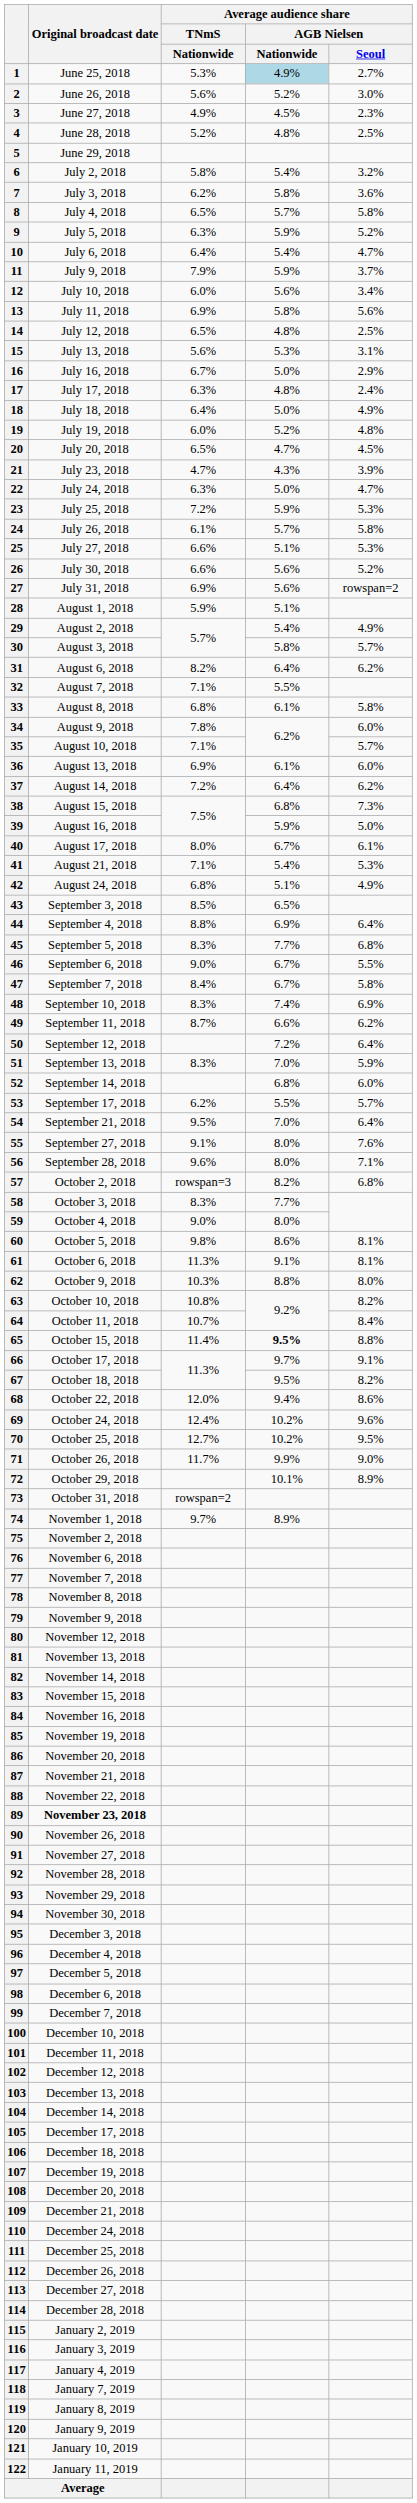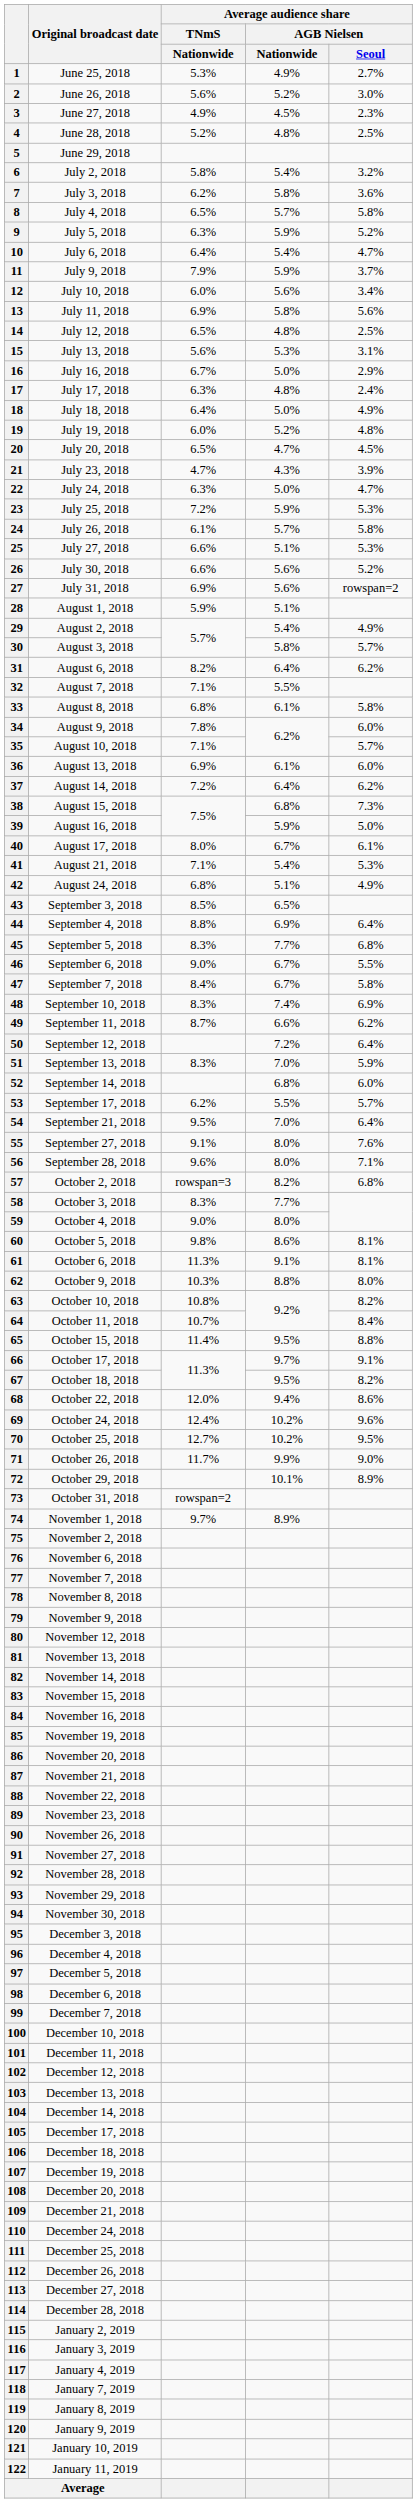 <table class="wikitable" style="text-align:center">
 <tr>
 <th rowspan="3"></th>
 <th rowspan="3">Original broadcast date</th>
 <th colspan="3">Average audience share</th>
 </tr>
 <tr>
 <th colspan="1">TNmS</th>
 <th colspan="2">AGB Nielsen</th>
 </tr>
 <tr>
 <th width=100>Nationwide</th>
 <th width=100>Nationwide</th>
 <th width=100><a href='#'>Seoul</a></th>
 </tr>
 <tr>
 <th>1</th>
 <td>June 25, 2018</td>
 <td>5.3%</td>
-<td style="background: lightblue;">4.9% </td>
+<td>4.9% </td>
 <td>2.7% </td>
 </tr>
 <tr>
 <th>2</th>
 <td>June 26, 2018</td>
 <td>5.6%</td>
 <td>5.2% </td>
 <td>3.0% </td>
 </tr>
 <tr>
 <th>3</th>
 <td>June 27, 2018</td>
 <td>4.9%</td>
 <td>4.5% </td>
 <td>2.3% </td>
 </tr>
 <tr>
 <th>4</th>
 <td>June 28, 2018</td>
 <td>5.2%</td>
 <td>4.8% </td>
 <td>2.5% </td>
 </tr>
 <tr>
 <th>5</th>
 <td>June 29, 2018</td>
 <td></td>
 <td> </td>
 <td> </td>
 </tr>
 <tr>
 <th>6</th>
 <td>July 2, 2018</td>
 <td>5.8%</td>
 <td>5.4% </td>
 <td>3.2% </td>
 </tr>
 <tr>
 <th>7</th>
 <td>July 3, 2018</td>
 <td>6.2%</td>
 <td>5.8% </td>
 <td>3.6% </td>
 </tr>
 <tr>
 <th>8</th>
 <td>July 4, 2018</td>
 <td>6.5%</td>
 <td>5.7% </td>
 <td>5.8% </td>
 </tr>
 <tr>
 <th>9</th>
 <td>July 5, 2018</td>
 <td>6.3%</td>
 <td>5.9% </td>
 <td>5.2% </td>
 </tr>
 <tr>
 <th>10</th>
 <td>July 6, 2018</td>
 <td>6.4%</td>
 <td>5.4% </td>
 <td>4.7% </td>
 </tr>
 <tr>
 <th>11</th>
 <td>July 9, 2018</td>
 <td>7.9%</td>
 <td>5.9% </td>
 <td>3.7% </td>
 </tr>
 <tr>
 <th>12</th>
 <td>July 10, 2018</td>
 <td>6.0%</td>
 <td>5.6% </td>
 <td>3.4% </td>
 </tr>
 <tr>
 <th>13</th>
 <td>July 11, 2018</td>
 <td>6.9%</td>
 <td>5.8% </td>
 <td>5.6% </td>
 </tr>
 <tr>
 <th>14</th>
 <td>July 12, 2018</td>
 <td>6.5%</td>
 <td>4.8% </td>
 <td>2.5% </td>
 </tr>
 <tr>
 <th>15</th>
 <td>July 13, 2018</td>
 <td>5.6%</td>
 <td>5.3% </td>
 <td>3.1% </td>
 </tr>
 <tr>
 <th>16</th>
 <td>July 16, 2018</td>
 <td>6.7%</td>
 <td>5.0% </td>
 <td>2.9% </td>
 </tr>
 <tr>
 <th>17</th>
 <td>July 17, 2018</td>
 <td>6.3%</td>
 <td>4.8% </td>
 <td>2.4% </td>
 </tr>
 <tr>
 <th>18</th>
 <td>July 18, 2018</td>
 <td>6.4%</td>
 <td>5.0% </td>
 <td>4.9% </td>
 </tr>
 <tr>
 <th>19</th>
 <td>July 19, 2018</td>
 <td>6.0%</td>
 <td>5.2% </td>
 <td>4.8% </td>
 </tr>
 <tr>
 <th>20</th>
 <td>July 20, 2018</td>
 <td>6.5%</td>
 <td>4.7% </td>
 <td>4.5% </td>
 </tr>
 <tr>
 <th>21</th>
 <td>July 23, 2018</td>
 <td>4.7%</td>
 <td>4.3% </td>
 <td>3.9% </td>
 </tr>
 <tr>
 <th>22</th>
 <td>July 24, 2018</td>
 <td>6.3%</td>
 <td>5.0% </td>
 <td>4.7% </td>
 </tr>
 <tr>
 <th>23</th>
 <td>July 25, 2018</td>
 <td>7.2%</td>
 <td>5.9% </td>
 <td>5.3% </td>
 </tr>
 <tr>
 <th>24</th>
 <td>July 26, 2018</td>
 <td>6.1%</td>
 <td>5.7% </td>
 <td>5.8% </td>
 </tr>
 <tr>
 <th>25</th>
 <td>July 27, 2018</td>
 <td>6.6%</td>
 <td>5.1% </td>
 <td>5.3% </td>
 </tr>
 <tr>
 <th>26</th>
 <td>July 30, 2018</td>
 <td>6.6%</td>
 <td>5.6% </td>
 <td>5.2% </td>
 </tr>
 <tr>
 <th>27</th>
 <td>July 31, 2018</td>
 <td>6.9%</td>
 <td>5.6% </td>
 <td>rowspan=2 </td>
 </tr>
 <tr>
 <th>28</th>
 <td>August 1, 2018</td>
 <td>5.9%</td>
 <td>5.1% </td>
 </tr>
 <tr>
 <th>29</th>
 <td>August 2, 2018</td>
 <td rowspan="2">5.7%</td>
 <td>5.4% </td>
 <td>4.9% </td>
 </tr>
 <tr>
 <th>30</th>
 <td>August 3, 2018</td>
 <td>5.8% </td>
 <td>5.7% </td>
 </tr>
 <tr>
 <th>31</th>
 <td>August 6, 2018</td>
 <td>8.2%</td>
 <td>6.4% </td>
 <td>6.2% </td>
 </tr>
 <tr>
 <th>32</th>
 <td>August 7, 2018</td>
 <td>7.1%</td>
 <td>5.5% </td>
 <td></td>
 </tr>
 <tr>
 <th>33</th>
 <td>August 8, 2018</td>
 <td>6.8%</td>
 <td>6.1% </td>
 <td>5.8% </td>
 </tr>
 <tr>
 <th>34</th>
 <td>August 9, 2018</td>
 <td>7.8%</td>
 <td rowspan="2">6.2% </td>
 <td>6.0% </td>
 </tr>
 <tr>
 <th>35</th>
 <td>August 10, 2018</td>
 <td>7.1%</td>
 <td>5.7% </td>
 </tr>
 <tr>
 <th>36</th>
 <td>August 13, 2018</td>
 <td>6.9%</td>
 <td>6.1% </td>
 <td>6.0% </td>
 </tr>
 <tr>
 <th>37</th>
 <td>August 14, 2018</td>
 <td>7.2%</td>
 <td>6.4% </td>
 <td>6.2% </td>
 </tr>
 <tr>
 <th>38</th>
 <td>August 15, 2018</td>
 <td rowspan="2">7.5%</td>
 <td>6.8% </td>
 <td>7.3% </td>
 </tr>
 <tr>
 <th>39</th>
 <td>August 16, 2018</td>
 <td>5.9% </td>
 <td>5.0% </td>
 </tr>
 <tr>
 <th>40</th>
 <td>August 17, 2018</td>
 <td>8.0%</td>
 <td>6.7% </td>
 <td>6.1% </td>
 </tr>
 <tr>
 <th>41</th>
 <td>August 21, 2018</td>
 <td>7.1%</td>
 <td>5.4% </td>
 <td>5.3% </td>
 </tr>
 <tr>
 <th>42</th>
 <td>August 24, 2018</td>
 <td>6.8%</td>
 <td>5.1% </td>
 <td>4.9% </td>
 </tr>
 <tr>
 <th>43</th>
 <td>September 3, 2018</td>
 <td>8.5%</td>
 <td>6.5% </td>
 <td></td>
 </tr>
 <tr>
 <th>44</th>
 <td>September 4, 2018</td>
 <td>8.8%</td>
 <td>6.9% </td>
 <td>6.4% </td>
 </tr>
 <tr>
 <th>45</th>
 <td>September 5, 2018</td>
 <td>8.3%</td>
 <td>7.7% </td>
 <td>6.8% </td>
 </tr>
 <tr>
 <th>46</th>
 <td>September 6, 2018</td>
 <td>9.0%</td>
 <td>6.7% </td>
 <td>5.5% </td>
 </tr>
 <tr>
 <th>47</th>
 <td>September 7, 2018</td>
 <td>8.4%</td>
 <td>6.7% </td>
 <td>5.8% </td>
 </tr>
 <tr>
 <th>48</th>
 <td>September 10, 2018</td>
 <td>8.3%</td>
 <td>7.4% </td>
 <td>6.9% </td>
 </tr>
 <tr>
 <th>49</th>
 <td>September 11, 2018</td>
 <td>8.7%</td>
 <td>6.6% </td>
 <td>6.2% </td>
 </tr>
 <tr>
 <th>50</th>
 <td>September 12, 2018</td>
 <td></td>
 <td>7.2% </td>
 <td>6.4% </td>
 </tr>
 <tr>
 <th>51</th>
 <td>September 13, 2018</td>
 <td>8.3%</td>
 <td>7.0% </td>
 <td>5.9% </td>
 </tr>
 <tr>
 <th>52</th>
 <td>September 14, 2018</td>
 <td></td>
 <td>6.8% </td>
 <td>6.0% </td>
 </tr>
 <tr>
 <th>53</th>
 <td>September 17, 2018</td>
 <td>6.2%</td>
 <td>5.5% </td>
 <td>5.7% </td>
 </tr>
 <tr>
 <th>54</th>
 <td>September 21, 2018</td>
 <td>9.5%</td>
 <td>7.0% </td>
 <td>6.4% </td>
 </tr>
 <tr>
 <th>55</th>
 <td>September 27, 2018</td>
 <td>9.1%</td>
 <td>8.0% </td>
 <td>7.6% </td>
 </tr>
 <tr>
 <th>56</th>
 <td>September 28, 2018</td>
 <td>9.6%</td>
 <td>8.0% </td>
 <td>7.1% </td>
 </tr>
 <tr>
 <th>57</th>
 <td>October 2, 2018</td>
 <td>rowspan=3 </td>
 <td>8.2% </td>
 <td>6.8% </td>
 </tr>
 <tr>
 <th>58</th>
 <td>October 3, 2018</td>
 <td>8.3% </td>
 <td>7.7% </td>
 </tr>
 <tr>
 <th>59</th>
 <td>October 4, 2018</td>
 <td>9.0% </td>
 <td>8.0% </td>
 </tr>
 <tr>
 <th>60</th>
 <td>October 5, 2018</td>
 <td>9.8%</td>
 <td>8.6% </td>
 <td>8.1% </td>
 </tr>
 <tr>
 <th>61</th>
 <td>October 6, 2018</td>
 <td>11.3%</td>
 <td>9.1% </td>
 <td>8.1% </td>
 </tr>
 <tr>
 <th>62</th>
 <td>October 9, 2018</td>
 <td>10.3%</td>
 <td>8.8% </td>
 <td>8.0% </td>
 </tr>
 <tr>
 <th>63</th>
 <td>October 10, 2018</td>
 <td>10.8%</td>
 <td rowspan="2">9.2% </td>
 <td>8.2% </td>
 </tr>
 <tr>
 <th>64</th>
 <td>October 11, 2018</td>
 <td>10.7%</td>
 <td>8.4% </td>
 </tr>
 <tr>
 <th>65</th>
 <td>October 15, 2018</td>
 <td>11.4%</td>
-<td><strong>9.5% </strong></td>
+<td>9.5% </td>
 <td>8.8% </td>
 </tr>
 <tr>
 <th>66</th>
 <td>October 17, 2018</td>
 <td rowspan="2">11.3%</td>
 <td>9.7% </td>
 <td>9.1% </td>
 </tr>
 <tr>
 <th>67</th>
 <td>October 18, 2018</td>
 <td>9.5% </td>
 <td>8.2% </td>
 </tr>
 <tr>
 <th>68</th>
 <td>October 22, 2018</td>
 <td>12.0%</td>
 <td>9.4% </td>
 <td>8.6% </td>
 </tr>
 <tr>
 <th>69</th>
 <td>October 24, 2018</td>
 <td>12.4%</td>
 <td>10.2% </td>
 <td>9.6% </td>
 </tr>
 <tr>
 <th>70</th>
 <td>October 25, 2018</td>
 <td>12.7%</td>
 <td>10.2% </td>
 <td>9.5% </td>
 </tr>
 <tr>
 <th>71</th>
 <td>October 26, 2018</td>
 <td>11.7%</td>
 <td>9.9% </td>
 <td>9.0% </td>
 </tr>
 <tr>
 <th>72</th>
 <td>October 29, 2018</td>
 <td></td>
 <td>10.1% </td>
 <td>8.9% </td>
 </tr>
 <tr>
 <th>73</th>
 <td>October 31, 2018</td>
 <td>rowspan=2 </td>
 <td> </td>
 <td> </td>
 </tr>
 <tr>
 <th>74</th>
 <td>November 1, 2018</td>
 <td>9.7% </td>
 <td>8.9% </td>
 </tr>
 <tr>
 <th>75</th>
 <td>November 2, 2018</td>
 <td></td>
 <td></td>
 <td></td>
 </tr>
 <tr>
 <th>76</th>
 <td>November 6, 2018</td>
 <td></td>
 <td></td>
 <td></td>
 </tr>
 <tr>
 <th>77</th>
 <td>November 7, 2018</td>
 <td></td>
 <td></td>
 <td></td>
 </tr>
 <tr>
 <th>78</th>
 <td>November 8, 2018</td>
 <td></td>
 <td></td>
 <td></td>
 </tr>
 <tr>
 <th>79</th>
 <td>November 9, 2018</td>
 <td></td>
 <td></td>
 <td></td>
 </tr>
 <tr>
 <th>80</th>
 <td>November 12, 2018</td>
 <td></td>
 <td></td>
 <td></td>
 </tr>
 <tr>
 <th>81</th>
 <td>November 13, 2018</td>
 <td></td>
 <td></td>
 <td></td>
 </tr>
 <tr>
 <th>82</th>
 <td>November 14, 2018</td>
 <td></td>
 <td></td>
 <td></td>
 </tr>
 <tr>
 <th>83</th>
 <td>November 15, 2018</td>
 <td></td>
 <td></td>
 <td></td>
 </tr>
 <tr>
 <th>84</th>
 <td>November 16, 2018</td>
 <td></td>
 <td></td>
 <td></td>
 </tr>
 <tr>
 <th>85</th>
 <td>November 19, 2018</td>
 <td></td>
 <td></td>
 <td></td>
 </tr>
 <tr>
 <th>86</th>
 <td>November 20, 2018</td>
 <td></td>
 <td></td>
 <td></td>
 </tr>
 <tr>
 <th>87</th>
 <td>November 21, 2018</td>
 <td></td>
 <td></td>
 <td></td>
 </tr>
 <tr>
 <th>88</th>
 <td>November 22, 2018</td>
 <td></td>
 <td></td>
 <td></td>
 </tr>
 <tr>
 <th>89</th>
-<td><strong>November 23, 2018</strong></td>
+<td>November 23, 2018</td>
 <td></td>
 <td></td>
 <td></td>
 </tr>
 <tr>
 <th>90</th>
 <td>November 26, 2018</td>
 <td></td>
 <td></td>
 <td></td>
 </tr>
 <tr>
 <th>91</th>
 <td>November 27, 2018</td>
 <td></td>
 <td></td>
 <td></td>
 </tr>
 <tr>
 <th>92</th>
 <td>November 28, 2018</td>
 <td></td>
 <td></td>
 <td></td>
 </tr>
 <tr>
 <th>93</th>
 <td>November 29, 2018</td>
 <td></td>
 <td></td>
 <td></td>
 </tr>
 <tr>
 <th>94</th>
 <td>November 30, 2018</td>
 <td></td>
 <td></td>
 <td></td>
 </tr>
 <tr>
 <th>95</th>
 <td>December 3, 2018</td>
 <td></td>
 <td></td>
 <td></td>
 </tr>
 <tr>
 <th>96</th>
 <td>December 4, 2018</td>
 <td></td>
 <td></td>
 <td></td>
 </tr>
 <tr>
 <th>97</th>
 <td>December 5, 2018</td>
 <td></td>
 <td></td>
 <td></td>
 </tr>
 <tr>
 <th>98</th>
 <td>December 6, 2018</td>
 <td></td>
 <td></td>
 <td></td>
 </tr>
 <tr>
 <th>99</th>
 <td>December 7, 2018</td>
 <td></td>
 <td></td>
 <td></td>
 </tr>
 <tr>
 <th>100</th>
 <td>December 10, 2018</td>
 <td></td>
 <td></td>
 <td></td>
 </tr>
 <tr>
 <th>101</th>
 <td>December 11, 2018</td>
 <td></td>
 <td></td>
 <td></td>
 </tr>
 <tr>
 <th>102</th>
 <td>December 12, 2018</td>
 <td></td>
 <td></td>
 <td></td>
 </tr>
 <tr>
 <th>103</th>
 <td>December 13, 2018</td>
 <td></td>
 <td></td>
 <td></td>
 </tr>
 <tr>
 <th>104</th>
 <td>December 14, 2018</td>
 <td></td>
 <td></td>
 <td></td>
 </tr>
 <tr>
 <th>105</th>
 <td>December 17, 2018</td>
 <td></td>
 <td></td>
 <td></td>
 </tr>
 <tr>
 <th>106</th>
 <td>December 18, 2018</td>
 <td></td>
 <td></td>
 <td></td>
 </tr>
 <tr>
 <th>107</th>
 <td>December 19, 2018</td>
 <td></td>
 <td></td>
 <td></td>
 </tr>
 <tr>
 <th>108</th>
 <td>December 20, 2018</td>
 <td></td>
 <td></td>
 <td></td>
 </tr>
 <tr>
 <th>109</th>
 <td>December 21, 2018</td>
 <td></td>
 <td></td>
 <td></td>
 </tr>
 <tr>
 <th>110</th>
 <td>December 24, 2018</td>
 <td></td>
 <td></td>
 <td></td>
 </tr>
 <tr>
 <th>111</th>
 <td>December 25, 2018</td>
 <td></td>
 <td></td>
 <td></td>
 </tr>
 <tr>
 <th>112</th>
 <td>December 26, 2018</td>
 <td></td>
 <td></td>
 <td></td>
 </tr>
 <tr>
 <th>113</th>
 <td>December 27, 2018</td>
 <td></td>
 <td></td>
 <td></td>
 </tr>
 <tr>
 <th>114</th>
 <td>December 28, 2018</td>
 <td></td>
 <td></td>
 <td></td>
 </tr>
 <tr>
 <th>115</th>
 <td>January 2, 2019</td>
 <td></td>
 <td></td>
 <td></td>
 </tr>
 <tr>
 <th>116</th>
 <td>January 3, 2019</td>
 <td></td>
 <td></td>
 <td></td>
 </tr>
 <tr>
 <th>117</th>
 <td>January 4, 2019</td>
 <td></td>
 <td></td>
 <td></td>
 </tr>
 <tr>
 <th>118</th>
 <td>January 7, 2019</td>
 <td></td>
 <td></td>
 <td></td>
 </tr>
 <tr>
 <th>119</th>
 <td>January 8, 2019</td>
 <td></td>
 <td></td>
 <td></td>
 </tr>
 <tr>
 <th>120</th>
 <td>January 9, 2019</td>
 <td></td>
 <td></td>
 <td></td>
 </tr>
 <tr>
 <th>121</th>
 <td>January 10, 2019</td>
 <td></td>
 <td></td>
 <td></td>
 </tr>
 <tr>
 <th>122</th>
 <td>January 11, 2019</td>
 <td></td>
 <td></td>
 <td></td>
 </tr>
 <tr>
 <th colspan="2">Average</th>
 <th></th>
 <th></th>
 <th></th>
 </tr>
 </table>
